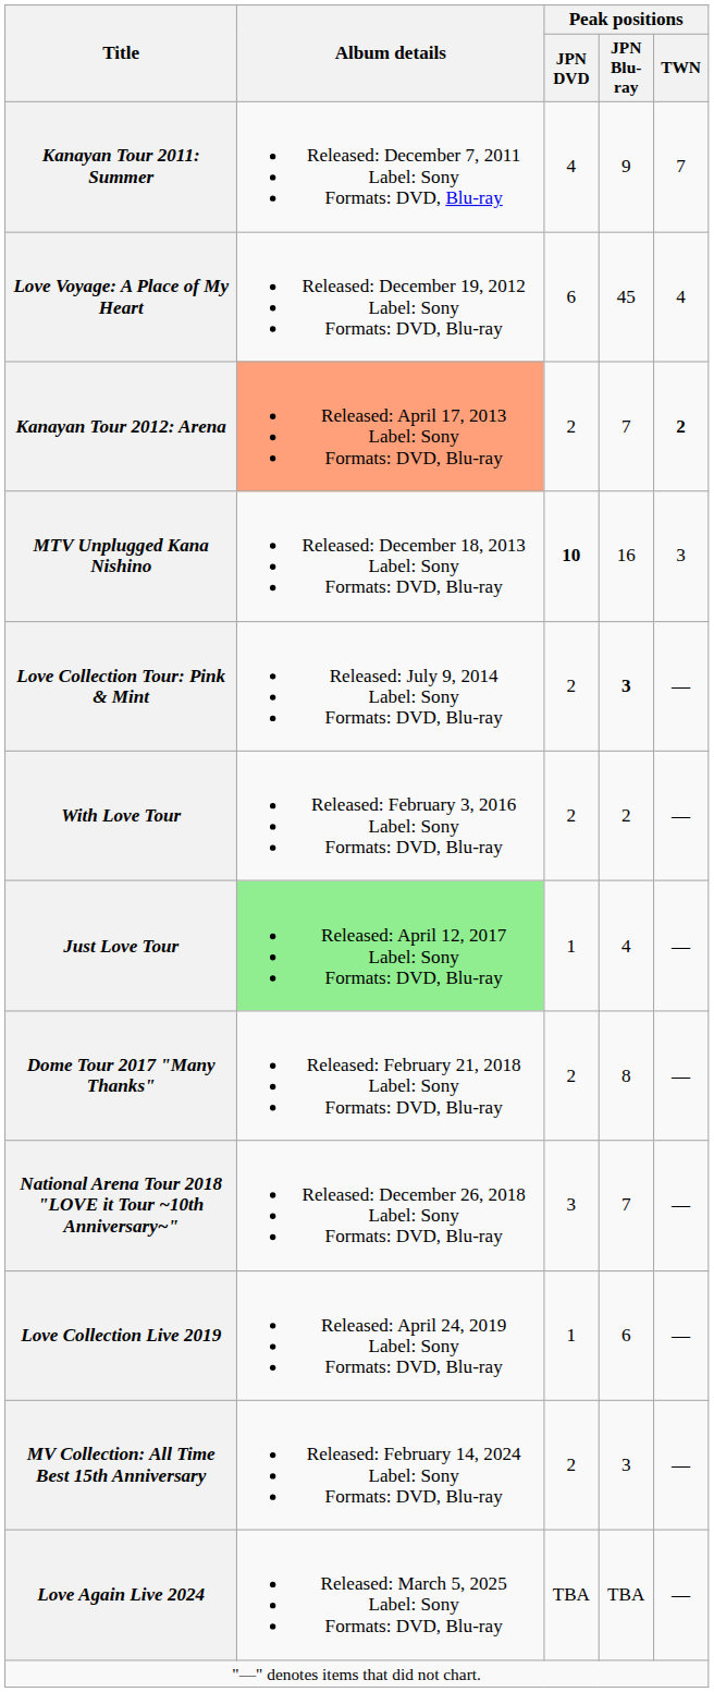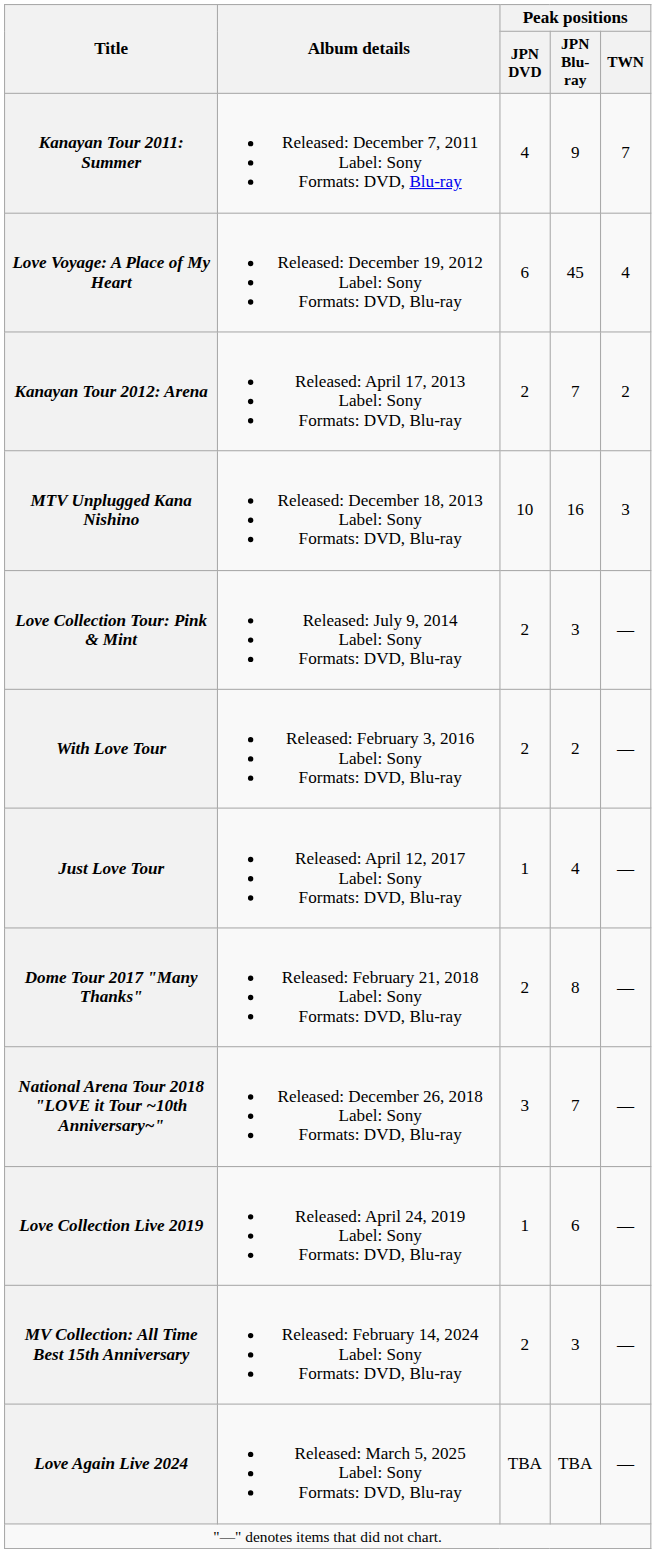 <table class="wikitable plainrowheaders" style="text-align:center;">
 <tr>
 <th style="width:12em;" rowspan="2">Title</th>
 <th style="width:16em;" rowspan="2">Album details</th>
 <th colspan="3">Peak positions</th>
 </tr>
 <tr>
 <th scope="col" style="width:2.8em;font-size:90%;">JPN DVD<br></th>
 <th scope="col" style="width:2.8em;font-size:90%;">JPN Blu-ray<br></th>
 <th scope="col" style="width:2.8em;font-size:90%;">TWN<br></th>
 </tr>
 <tr>
 <th scope="row"><em>Kanayan Tour 2011: Summer</em></th>
 <td><br><ul><li>Released: December 7, 2011</li><li>Label: Sony</li><li>Formats: DVD, <a href='#'>Blu-ray</a></li></ul></td>
 <td>4</td>
 <td>9</td>
 <td>7</td>
 </tr>
 <tr>
 <th scope="row"><em>Love Voyage: A Place of My Heart</em></th>
 <td><br><ul><li>Released: December 19, 2012</li><li>Label: Sony</li><li>Formats: DVD, Blu-ray</li></ul></td>
 <td>6</td>
 <td>45</td>
 <td>4</td>
 </tr>
 <tr>
 <th scope="row"><em>Kanayan Tour 2012: Arena</em></th>
-<td style="background: lightsalmon;"><br><ul><li>Released: April 17, 2013</li><li>Label: Sony</li><li>Formats: DVD, Blu-ray</li></ul></td>
+<td><br><ul><li>Released: April 17, 2013</li><li>Label: Sony</li><li>Formats: DVD, Blu-ray</li></ul></td>
 <td>2</td>
 <td>7</td>
-<td><strong>2</strong></td>
+<td>2</td>
 </tr>
 <tr>
 <th scope="row"><em>MTV Unplugged Kana Nishino</em></th>
 <td><br><ul><li>Released: December 18, 2013</li><li>Label: Sony</li><li>Formats: DVD, Blu-ray</li></ul></td>
-<td><strong>10</strong></td>
+<td>10</td>
 <td>16</td>
 <td>3</td>
 </tr>
 <tr>
 <th scope="row"><em>Love Collection Tour: Pink & Mint</em></th>
 <td><br><ul><li>Released: July 9, 2014</li><li>Label: Sony</li><li>Formats: DVD, Blu-ray</li></ul></td>
 <td>2</td>
-<td><strong>3</strong></td>
+<td>3</td>
 <td>—</td>
 </tr>
 <tr>
 <th scope="row"><em>With Love Tour</em></th>
 <td><br><ul><li>Released: February 3, 2016</li><li>Label: Sony</li><li>Formats: DVD, Blu-ray</li></ul></td>
 <td>2</td>
 <td>2</td>
 <td>—</td>
 </tr>
 <tr>
 <th scope="row"><em>Just Love Tour</em></th>
-<td style="background: lightgreen;"><br><ul><li>Released: April 12, 2017</li><li>Label: Sony</li><li>Formats: DVD, Blu-ray</li></ul></td>
+<td><br><ul><li>Released: April 12, 2017</li><li>Label: Sony</li><li>Formats: DVD, Blu-ray</li></ul></td>
 <td>1</td>
 <td>4</td>
 <td>—</td>
 </tr>
 <tr>
 <th scope="row"><em>Dome Tour 2017 "Many Thanks"</em></th>
 <td><br><ul><li>Released: February 21, 2018</li><li>Label: Sony</li><li>Formats: DVD, Blu-ray</li></ul></td>
 <td>2</td>
 <td>8</td>
 <td>—</td>
 </tr>
 <tr>
 <th scope="row"><em>National Arena Tour 2018 "LOVE it Tour ~10th Anniversary~"</em></th>
 <td><br><ul><li>Released: December 26, 2018</li><li>Label: Sony</li><li>Formats: DVD, Blu-ray</li></ul></td>
 <td>3</td>
 <td>7</td>
 <td>—</td>
 </tr>
 <tr>
 <th scope="row"><em>Love Collection Live 2019</em></th>
 <td><br><ul><li>Released: April 24, 2019</li><li>Label: Sony</li><li>Formats: DVD, Blu-ray</li></ul></td>
 <td>1</td>
 <td>6</td>
 <td>—</td>
 </tr>
 <tr>
 <th scope="row"><em>MV Collection: All Time Best 15th Anniversary</em></th>
 <td><br><ul><li>Released: February 14, 2024</li><li>Label: Sony</li><li>Formats: DVD, Blu-ray</li></ul></td>
 <td>2</td>
 <td>3</td>
 <td>—</td>
 </tr>
 <tr>
 <th scope="row"><em>Love Again Live 2024</em></th>
 <td><br><ul><li>Released: March 5, 2025</li><li>Label: Sony</li><li>Formats: DVD, Blu-ray</li></ul></td>
 <td>TBA</td>
 <td>TBA</td>
 <td>—</td>
 </tr>
 <tr>
 <td colspan="12" align="center" style="font-size:90%;">"—" denotes items that did not chart.</td>
 </tr>
 </table>
